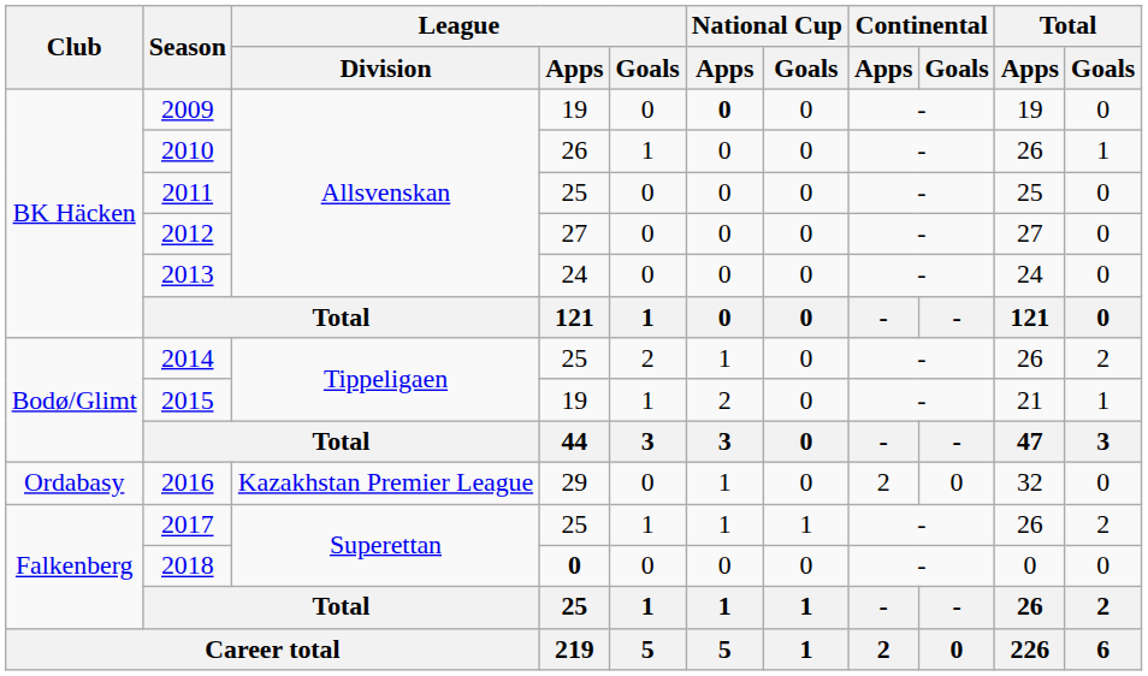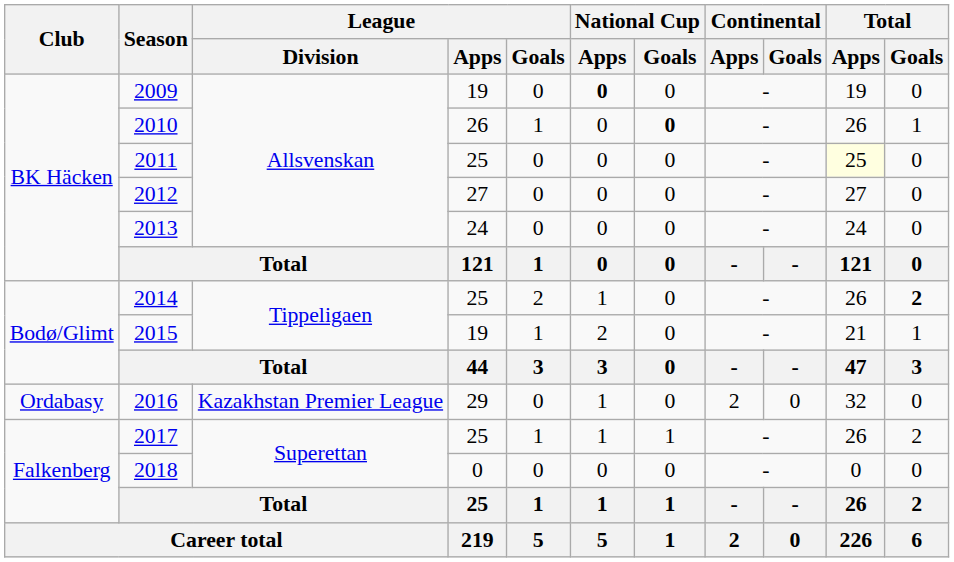 <table class="wikitable" style="text-align: center;">
 <tr>
 <th rowspan="2">Club</th>
 <th rowspan="2">Season</th>
 <th colspan="3">League</th>
 <th colspan="2">National Cup</th>
 <th colspan="2">Continental</th>
 <th colspan="2">Total</th>
 </tr>
 <tr>
 <th>Division</th>
 <th>Apps</th>
 <th>Goals</th>
 <th>Apps</th>
 <th>Goals</th>
 <th>Apps</th>
 <th>Goals</th>
 <th>Apps</th>
 <th>Goals</th>
 </tr>
 <tr>
 <td rowspan="6"><a href='#'>BK Häcken</a></td>
 <td><a href='#'>2009</a></td>
 <td rowspan="5"><a href='#'>Allsvenskan</a></td>
 <td>19</td>
 <td>0</td>
 <td><strong>0</strong></td>
 <td>0</td>
 <td colspan="2">-</td>
 <td>19</td>
 <td>0</td>
 </tr>
 <tr>
 <td><a href='#'>2010</a></td>
 <td>26</td>
 <td>1</td>
 <td>0</td>
-<td>0</td>
+<td><strong>0</strong></td>
 <td colspan="2">-</td>
 <td>26</td>
 <td>1</td>
 </tr>
 <tr>
 <td><a href='#'>2011</a></td>
 <td>25</td>
 <td>0</td>
 <td>0</td>
 <td>0</td>
 <td colspan="2">-</td>
-<td>25</td>
+<td style="background: lightyellow;">25</td>
 <td>0</td>
 </tr>
 <tr>
 <td><a href='#'>2012</a></td>
 <td>27</td>
 <td>0</td>
 <td>0</td>
 <td>0</td>
 <td colspan="2">-</td>
 <td>27</td>
 <td>0</td>
 </tr>
 <tr>
 <td><a href='#'>2013</a></td>
 <td>24</td>
 <td>0</td>
 <td>0</td>
 <td>0</td>
 <td colspan="2">-</td>
 <td>24</td>
 <td>0</td>
 </tr>
 <tr>
 <th colspan="2">Total</th>
 <th>121</th>
 <th>1</th>
 <th>0</th>
 <th>0</th>
 <th>-</th>
 <th>-</th>
 <th>121</th>
 <th>0</th>
 </tr>
 <tr>
 <td rowspan="3"><a href='#'>Bodø/Glimt</a></td>
 <td><a href='#'>2014</a></td>
 <td rowspan="2"><a href='#'>Tippeligaen</a></td>
 <td>25</td>
 <td>2</td>
 <td>1</td>
 <td>0</td>
 <td colspan="2">-</td>
 <td>26</td>
-<td>2</td>
+<td><strong>2</strong></td>
 </tr>
 <tr>
 <td><a href='#'>2015</a></td>
 <td>19</td>
 <td>1</td>
 <td>2</td>
 <td>0</td>
 <td colspan="2">-</td>
 <td>21</td>
 <td>1</td>
 </tr>
 <tr>
 <th colspan="2">Total</th>
 <th>44</th>
 <th>3</th>
 <th>3</th>
 <th>0</th>
 <th>-</th>
 <th>-</th>
 <th>47</th>
 <th>3</th>
 </tr>
 <tr>
 <td><a href='#'>Ordabasy</a></td>
 <td><a href='#'>2016</a></td>
 <td><a href='#'>Kazakhstan Premier League</a></td>
 <td>29</td>
 <td>0</td>
 <td>1</td>
 <td>0</td>
 <td>2</td>
 <td>0</td>
 <td>32</td>
 <td>0</td>
 </tr>
 <tr>
 <td rowspan="3"><a href='#'>Falkenberg</a></td>
 <td><a href='#'>2017</a></td>
 <td rowspan="2"><a href='#'>Superettan</a></td>
 <td>25</td>
 <td>1</td>
 <td>1</td>
 <td>1</td>
 <td colspan="2">-</td>
 <td>26</td>
 <td>2</td>
 </tr>
 <tr>
 <td><a href='#'>2018</a></td>
-<td><strong>0</strong></td>
+<td>0</td>
 <td>0</td>
 <td>0</td>
 <td>0</td>
 <td colspan="2">-</td>
 <td>0</td>
 <td>0</td>
 </tr>
 <tr>
 <th colspan="2">Total</th>
 <th>25</th>
 <th>1</th>
 <th>1</th>
 <th>1</th>
 <th>-</th>
 <th>-</th>
 <th>26</th>
 <th>2</th>
 </tr>
 <tr>
 <th colspan="3">Career total</th>
 <th>219</th>
 <th>5</th>
 <th>5</th>
 <th>1</th>
 <th>2</th>
 <th>0</th>
 <th>226</th>
 <th>6</th>
 </tr>
 </table>
